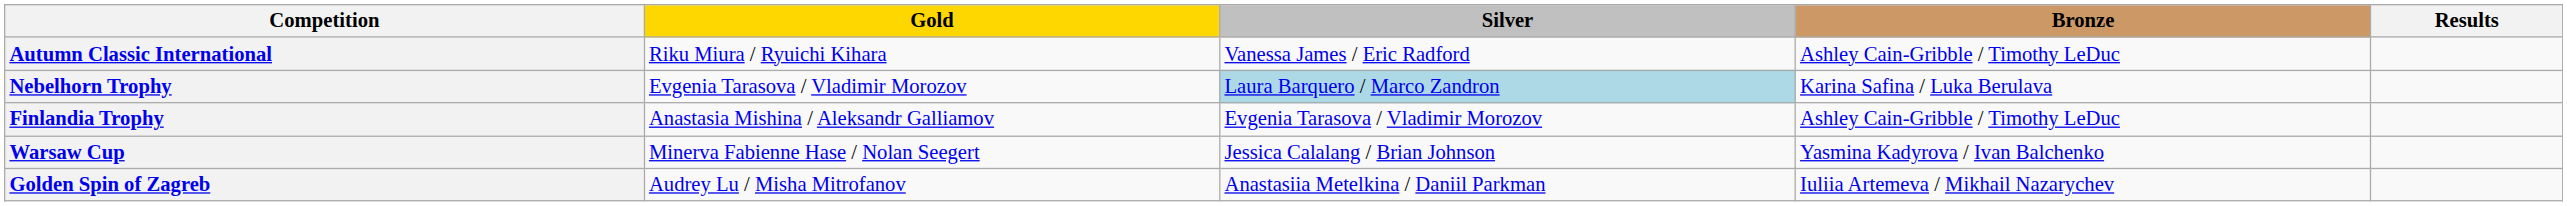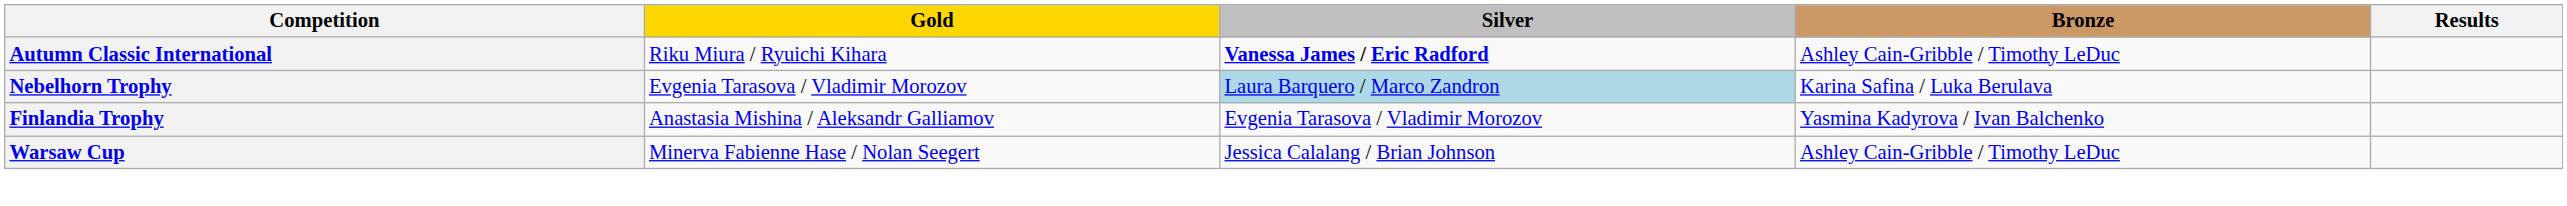 <table class="wikitable unsortable" style="text-align:left; width:100%">
 <tr>
 <th scope="col" style="text-align:center; width:25%;">Competition</th>
 <td scope="col" style="text-align:center; width:22.5%; background:gold"><strong>Gold</strong></td>
 <td scope="col" style="text-align:center; width:22.5%; background:silver"><strong>Silver</strong></td>
 <td scope="col" style="text-align:center; width:22.5%; background:#c96"><strong>Bronze</strong></td>
 <th scope="col" style="text-align:center; width:7.5%;">Results</th>
 </tr>
 <tr>
 <th scope="row" style="text-align:left"> <a href='#'>Autumn Classic International</a></th>
 <td> <a href='#'>Riku Miura</a> / <a href='#'>Ryuichi Kihara</a></td>
-<td> <a href='#'>Vanessa James</a> / <a href='#'>Eric Radford</a></td>
+<td><strong> <a href='#'>Vanessa James</a> / <a href='#'>Eric Radford</a></strong></td>
 <td> <a href='#'>Ashley Cain-Gribble</a> / <a href='#'>Timothy LeDuc</a></td>
 <td></td>
 </tr>
 <tr>
 <th scope="row" style="text-align:left"> <a href='#'>Nebelhorn Trophy</a></th>
 <td> <a href='#'>Evgenia Tarasova</a> / <a href='#'>Vladimir Morozov</a></td>
 <td style="background: lightblue;"> <a href='#'>Laura Barquero</a> / <a href='#'>Marco Zandron</a></td>
 <td> <a href='#'>Karina Safina</a> / <a href='#'>Luka Berulava</a></td>
 <td></td>
 </tr>
 <tr>
 <th scope="row" style="text-align:left"> <a href='#'>Finlandia Trophy</a></th>
 <td> <a href='#'>Anastasia Mishina</a> / <a href='#'>Aleksandr Galliamov</a></td>
 <td> <a href='#'>Evgenia Tarasova</a> / <a href='#'>Vladimir Morozov</a></td>
-<td> <a href='#'>Ashley Cain-Gribble</a> / <a href='#'>Timothy LeDuc</a></td>
+<td> <a href='#'>Yasmina Kadyrova</a> / <a href='#'>Ivan Balchenko</a></td>
 <td></td>
 </tr>
 <tr>
 <th scope="row" style="text-align:left"> <a href='#'>Warsaw Cup</a></th>
 <td> <a href='#'>Minerva Fabienne Hase</a> / <a href='#'>Nolan Seegert</a></td>
 <td> <a href='#'>Jessica Calalang</a> / <a href='#'>Brian Johnson</a></td>
-<td> <a href='#'>Yasmina Kadyrova</a> / <a href='#'>Ivan Balchenko</a></td>
-<td></td>
-</tr>
-<tr>
-<th scope="row" style="text-align:left"> <a href='#'>Golden Spin of Zagreb</a></th>
-<td> <a href='#'>Audrey Lu</a> / <a href='#'>Misha Mitrofanov</a></td>
-<td> <a href='#'>Anastasiia Metelkina</a> / <a href='#'>Daniil Parkman</a></td>
-<td> <a href='#'>Iuliia Artemeva</a> / <a href='#'>Mikhail Nazarychev</a></td>
+<td> <a href='#'>Ashley Cain-Gribble</a> / <a href='#'>Timothy LeDuc</a></td>
 <td></td>
 </tr>
 </table>
